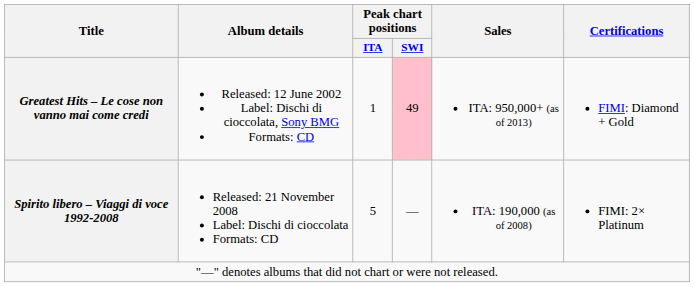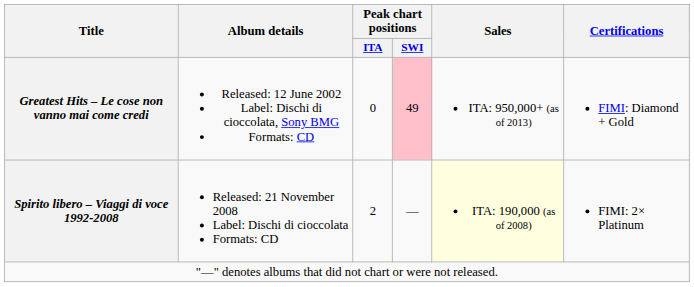 <table class="wikitable plainrowheaders" style="text-align:center;" border="1">
 <tr>
 <th scope="column" rowspan="2">Title</th>
 <th scope="column" rowspan="2">Album details</th>
 <th scope="column" colspan="2">Peak chart positions</th>
 <th scope="column" rowspan="2">Sales</th>
 <th scope="column" rowspan="2"><a href='#'>Certifications</a></th>
 </tr>
 <tr>
 <th scope="col" style="width:3em;font-size:90%;"><a href='#'>ITA</a><br></th>
 <th scope="col" style="width:3em;font-size:90%;"><a href='#'>SWI</a><br></th>
 </tr>
 <tr>
 <th scope="row"><em>Greatest Hits – Le cose non vanno mai come credi</em></th>
 <td style="texta-align:left;"><br><ul><li>Released: 12 June 2002</li><li>Label: Dischi di cioccolata, <a href='#'>Sony BMG</a></li><li>Formats: <a href='#'>CD</a></li></ul></td>
-<td>1</td>
+<td>0</td>
 <td style="background: pink;">49</td>
 <td><br><ul><li>ITA: 950,000+ <small>(as of 2013)</small></li></ul></td>
 <td style="text-align:left;"><br><ul><li><a href='#'>FIMI</a>: Diamond + Gold</li></ul></td>
 </tr>
 <tr>
 <th scope="row"><em>Spirito libero – Viaggi di voce 1992-2008</em></th>
 <td style="text-align:left;"><br><ul><li>Released: 21 November 2008</li><li>Label: Dischi di cioccolata</li><li>Formats: CD</li></ul></td>
-<td>5</td>
+<td>2</td>
 <td>—</td>
-<td><br><ul><li>ITA: 190,000 <small>(as of 2008)</small></li></ul></td>
+<td style="background: lightyellow;"><br><ul><li>ITA: 190,000 <small>(as of 2008)</small></li></ul></td>
 <td style="text-align:left;"><br><ul><li>FIMI: 2× Platinum</li></ul></td>
 </tr>
 <tr>
 <td colspan="20">"—" denotes albums that did not chart or were not released.</td>
 </tr>
 </table>
